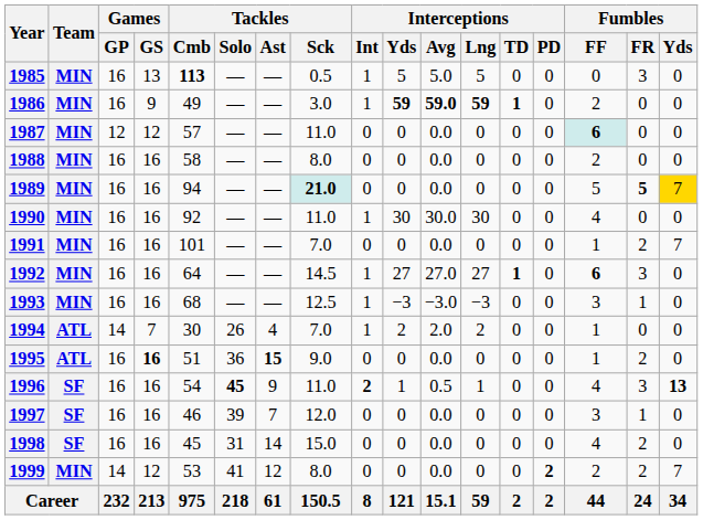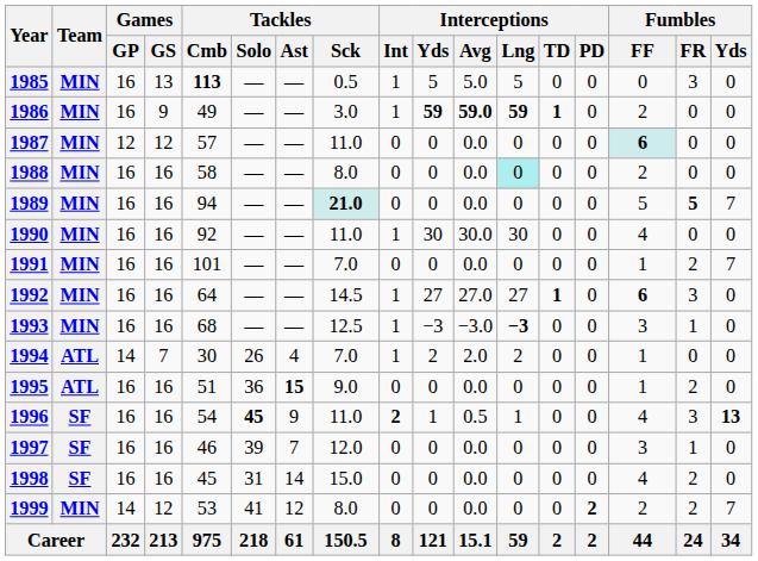 <table class="wikitable" style="text-align:center;">
 <tr>
 <th rowspan="2">Year</th>
 <th rowspan="2">Team</th>
 <th colspan="2">Games</th>
 <th colspan="4">Tackles</th>
 <th colspan="6">Interceptions</th>
 <th colspan="3">Fumbles</th>
 </tr>
 <tr>
 <th>GP</th>
 <th>GS</th>
 <th>Cmb</th>
 <th>Solo</th>
 <th>Ast</th>
 <th>Sck</th>
 <th>Int</th>
 <th>Yds</th>
 <th>Avg</th>
 <th>Lng</th>
 <th>TD</th>
 <th>PD</th>
 <th>FF</th>
 <th>FR</th>
 <th>Yds</th>
 </tr>
 <tr>
 <th><a href='#'>1985</a></th>
 <th><a href='#'>MIN</a></th>
 <td>16</td>
 <td>13</td>
 <td><strong>113</strong></td>
 <td>—</td>
 <td>—</td>
 <td>0.5</td>
 <td>1</td>
 <td>5</td>
 <td>5.0</td>
 <td>5</td>
 <td>0</td>
 <td>0</td>
 <td>0</td>
 <td>3</td>
 <td>0</td>
 </tr>
 <tr>
 <th><a href='#'>1986</a></th>
 <th><a href='#'>MIN</a></th>
 <td>16</td>
 <td>9</td>
 <td>49</td>
 <td>—</td>
 <td>—</td>
 <td>3.0</td>
 <td>1</td>
 <td><strong>59</strong></td>
 <td><strong>59.0</strong></td>
 <td><strong>59</strong></td>
 <td><strong>1</strong></td>
 <td>0</td>
 <td>2</td>
 <td>0</td>
 <td>0</td>
 </tr>
 <tr>
 <th><a href='#'>1987</a></th>
 <th><a href='#'>MIN</a></th>
 <td>12</td>
 <td>12</td>
 <td>57</td>
 <td>—</td>
 <td>—</td>
 <td>11.0</td>
 <td>0</td>
 <td>0</td>
 <td>0.0</td>
 <td>0</td>
 <td>0</td>
 <td>0</td>
 <td style="background:#cfecec; width:3em;"><strong>6</strong></td>
 <td>0</td>
 <td>0</td>
 </tr>
 <tr>
 <th><a href='#'>1988</a></th>
 <th><a href='#'>MIN</a></th>
 <td>16</td>
 <td>16</td>
 <td>58</td>
 <td>—</td>
 <td>—</td>
 <td>8.0</td>
 <td>0</td>
 <td>0</td>
 <td>0.0</td>
-<td>0</td>
+<td style="background: paleturquoise;">0</td>
 <td>0</td>
 <td>0</td>
 <td>2</td>
 <td>0</td>
 <td>0</td>
 </tr>
 <tr>
 <th><a href='#'>1989</a></th>
 <th><a href='#'>MIN</a></th>
 <td>16</td>
 <td>16</td>
 <td>94</td>
 <td>—</td>
 <td>—</td>
 <td style="background:#cfecec; width:3em;"><strong>21.0</strong></td>
 <td>0</td>
 <td>0</td>
 <td>0.0</td>
 <td>0</td>
 <td>0</td>
 <td>0</td>
 <td>5</td>
 <td><strong>5</strong></td>
-<td style="background: gold;">7</td>
+<td>7</td>
 </tr>
 <tr>
 <th><a href='#'>1990</a></th>
 <th><a href='#'>MIN</a></th>
 <td>16</td>
 <td>16</td>
 <td>92</td>
 <td>—</td>
 <td>—</td>
 <td>11.0</td>
 <td>1</td>
 <td>30</td>
 <td>30.0</td>
 <td>30</td>
 <td>0</td>
 <td>0</td>
 <td>4</td>
 <td>0</td>
 <td>0</td>
 </tr>
 <tr>
 <th><a href='#'>1991</a></th>
 <th><a href='#'>MIN</a></th>
 <td>16</td>
 <td>16</td>
 <td>101</td>
 <td>—</td>
 <td>—</td>
 <td>7.0</td>
 <td>0</td>
 <td>0</td>
 <td>0.0</td>
 <td>0</td>
 <td>0</td>
 <td>0</td>
 <td>1</td>
 <td>2</td>
 <td>7</td>
 </tr>
 <tr>
 <th><a href='#'>1992</a></th>
 <th><a href='#'>MIN</a></th>
 <td>16</td>
 <td>16</td>
 <td>64</td>
 <td>—</td>
 <td>—</td>
 <td>14.5</td>
 <td>1</td>
 <td>27</td>
 <td>27.0</td>
 <td>27</td>
 <td><strong>1</strong></td>
 <td>0</td>
 <td><strong>6</strong></td>
 <td>3</td>
 <td>0</td>
 </tr>
 <tr>
 <th><a href='#'>1993</a></th>
 <th><a href='#'>MIN</a></th>
 <td>16</td>
 <td>16</td>
 <td>68</td>
 <td>—</td>
 <td>—</td>
 <td>12.5</td>
 <td>1</td>
 <td>−3</td>
 <td>−3.0</td>
-<td>−3</td>
+<td><strong>−3</strong></td>
 <td>0</td>
 <td>0</td>
 <td>3</td>
 <td>1</td>
 <td>0</td>
 </tr>
 <tr>
 <th><a href='#'>1994</a></th>
 <th><a href='#'>ATL</a></th>
 <td>14</td>
 <td>7</td>
 <td>30</td>
 <td>26</td>
 <td>4</td>
 <td>7.0</td>
 <td>1</td>
 <td>2</td>
 <td>2.0</td>
 <td>2</td>
 <td>0</td>
 <td>0</td>
 <td>1</td>
 <td>0</td>
 <td>0</td>
 </tr>
 <tr>
 <th><a href='#'>1995</a></th>
 <th><a href='#'>ATL</a></th>
 <td>16</td>
-<td><strong>16</strong></td>
+<td>16</td>
 <td>51</td>
 <td>36</td>
 <td><strong>15</strong></td>
 <td>9.0</td>
 <td>0</td>
 <td>0</td>
 <td>0.0</td>
 <td>0</td>
 <td>0</td>
 <td>0</td>
 <td>1</td>
 <td>2</td>
 <td>0</td>
 </tr>
 <tr>
 <th><a href='#'>1996</a></th>
 <th><a href='#'>SF</a></th>
 <td>16</td>
 <td>16</td>
 <td>54</td>
 <td><strong>45</strong></td>
 <td>9</td>
 <td>11.0</td>
 <td><strong>2</strong></td>
 <td>1</td>
 <td>0.5</td>
 <td>1</td>
 <td>0</td>
 <td>0</td>
 <td>4</td>
 <td>3</td>
 <td><strong>13</strong></td>
 </tr>
 <tr>
 <th><a href='#'>1997</a></th>
 <th><a href='#'>SF</a></th>
 <td>16</td>
 <td>16</td>
 <td>46</td>
 <td>39</td>
 <td>7</td>
 <td>12.0</td>
 <td>0</td>
 <td>0</td>
 <td>0.0</td>
 <td>0</td>
 <td>0</td>
 <td>0</td>
 <td>3</td>
 <td>1</td>
 <td>0</td>
 </tr>
 <tr>
 <th><a href='#'>1998</a></th>
 <th><a href='#'>SF</a></th>
 <td>16</td>
 <td>16</td>
 <td>45</td>
 <td>31</td>
 <td>14</td>
 <td>15.0</td>
 <td>0</td>
 <td>0</td>
 <td>0.0</td>
 <td>0</td>
 <td>0</td>
 <td>0</td>
 <td>4</td>
 <td>2</td>
 <td>0</td>
 </tr>
 <tr>
 <th><a href='#'>1999</a></th>
 <th><a href='#'>MIN</a></th>
 <td>14</td>
 <td>12</td>
 <td>53</td>
 <td>41</td>
 <td>12</td>
 <td>8.0</td>
 <td>0</td>
 <td>0</td>
 <td>0.0</td>
 <td>0</td>
 <td>0</td>
 <td><strong>2</strong></td>
 <td>2</td>
 <td>2</td>
 <td>7</td>
 </tr>
 <tr>
 <th colspan="2">Career</th>
 <th>232</th>
 <th>213</th>
 <th>975</th>
 <th>218</th>
 <th>61</th>
 <th>150.5</th>
 <th>8</th>
 <th>121</th>
 <th>15.1</th>
 <th>59</th>
 <th>2</th>
 <th>2</th>
 <th>44</th>
 <th>24</th>
 <th>34</th>
 </tr>
 </table>
